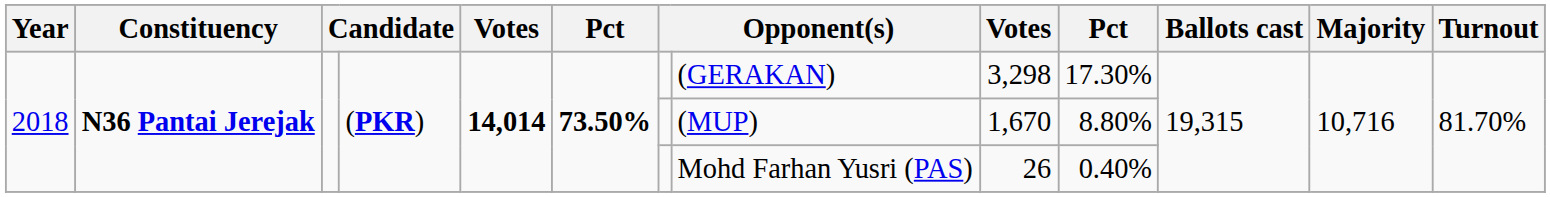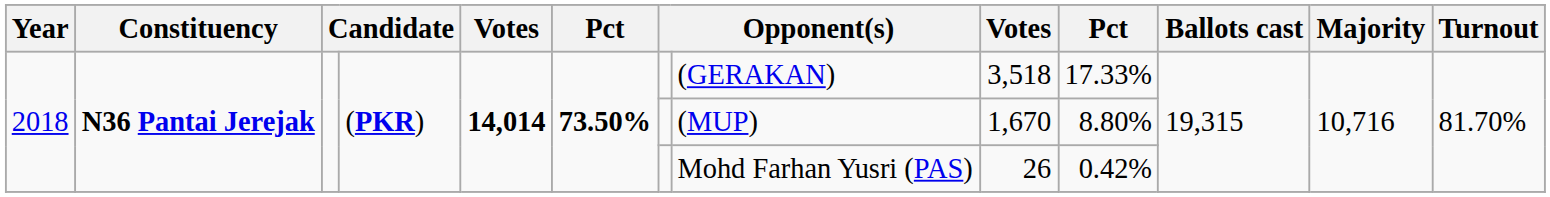 <table class="wikitable" style="margin:0.5em ; font-size:95%">
 <tr>
 <th>Year</th>
 <th>Constituency</th>
 <th colspan=2>Candidate</th>
 <th>Votes</th>
 <th>Pct</th>
 <th colspan=2>Opponent(s)</th>
 <th>Votes</th>
 <th>Pct</th>
 <th>Ballots cast</th>
 <th>Majority</th>
 <th>Turnout</th>
 </tr>
 <tr>
 <td rowspan=3><a href='#'>2018</a></td>
 <td rowspan="3"><strong>N36 <a href='#'>Pantai Jerejak</a></strong></td>
 <td rowspan=3 ></td>
 <td rowspan=3> (<a href='#'><strong>PKR</strong></a>)</td>
 <td rowspan=3 align="right"><strong>14,014</strong></td>
 <td rowspan=3><strong>73.50%</strong></td>
 <td></td>
 <td> (<a href='#'>GERAKAN</a>)</td>
-<td align="right">3,298</td>
-<td>17.30%</td>
+<td align="right">3,518</td>
+<td>17.33%</td>
 <td rowspan=3>19,315</td>
 <td rowspan=3>10,716</td>
 <td rowspan=3>81.70%</td>
 </tr>
 <tr>
 <td></td>
 <td> (<a href='#'>MUP</a>)</td>
 <td align="right">1,670</td>
 <td align="right">8.80%</td>
 </tr>
 <tr>
 <td bgcolor=></td>
 <td>Mohd Farhan Yusri (<a href='#'>PAS</a>)</td>
 <td align="right">26</td>
-<td align="right">0.40%</td>
+<td align="right">0.42%</td>
 </tr>
 </table>
